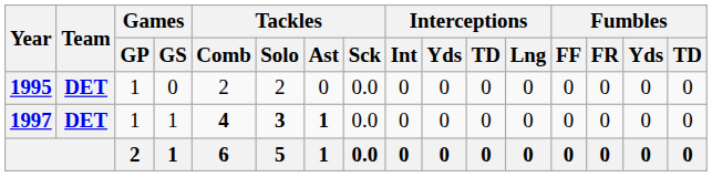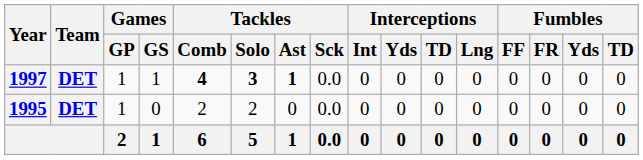 <table class="wikitable" style="text-align:center">
 <tr>
 <th rowspan="2">Year</th>
 <th rowspan="2">Team</th>
 <th colspan="2">Games</th>
 <th colspan="4">Tackles</th>
 <th colspan="4">Interceptions</th>
 <th colspan="4">Fumbles</th>
 </tr>
 <tr>
 <th>GP</th>
 <th>GS</th>
 <th>Comb</th>
 <th>Solo</th>
 <th>Ast</th>
 <th>Sck</th>
 <th>Int</th>
 <th>Yds</th>
 <th>TD</th>
 <th>Lng</th>
 <th>FF</th>
 <th>FR</th>
 <th>Yds</th>
 <th>TD</th>
 </tr>
 <tr>
-<th><a href='#'>1995</a></th>
+<th><a href='#'>1997</a></th>
 <th><a href='#'>DET</a></th>
 <td>1</td>
-<td>0</td>
-<td>2</td>
-<td>2</td>
-<td>0</td>
+<td>1</td>
+<td><strong>4</strong></td>
+<td><strong>3</strong></td>
+<td><strong>1</strong></td>
 <td>0.0</td>
 <td>0</td>
 <td>0</td>
 <td>0</td>
 <td>0</td>
 <td>0</td>
 <td>0</td>
 <td>0</td>
 <td>0</td>
 </tr>
 <tr>
-<th><a href='#'>1997</a></th>
+<th><a href='#'>1995</a></th>
 <th><a href='#'>DET</a></th>
 <td>1</td>
-<td>1</td>
-<td><strong>4</strong></td>
-<td><strong>3</strong></td>
-<td><strong>1</strong></td>
+<td>0</td>
+<td>2</td>
+<td>2</td>
+<td>0</td>
 <td>0.0</td>
 <td>0</td>
 <td>0</td>
 <td>0</td>
 <td>0</td>
 <td>0</td>
 <td>0</td>
 <td>0</td>
 <td>0</td>
 </tr>
 <tr>
 <th colspan="2"></th>
 <th>2</th>
 <th>1</th>
 <th>6</th>
 <th>5</th>
 <th>1</th>
 <th>0.0</th>
 <th>0</th>
 <th>0</th>
 <th>0</th>
 <th>0</th>
 <th>0</th>
 <th>0</th>
 <th>0</th>
 <th>0</th>
 </tr>
 </table>
